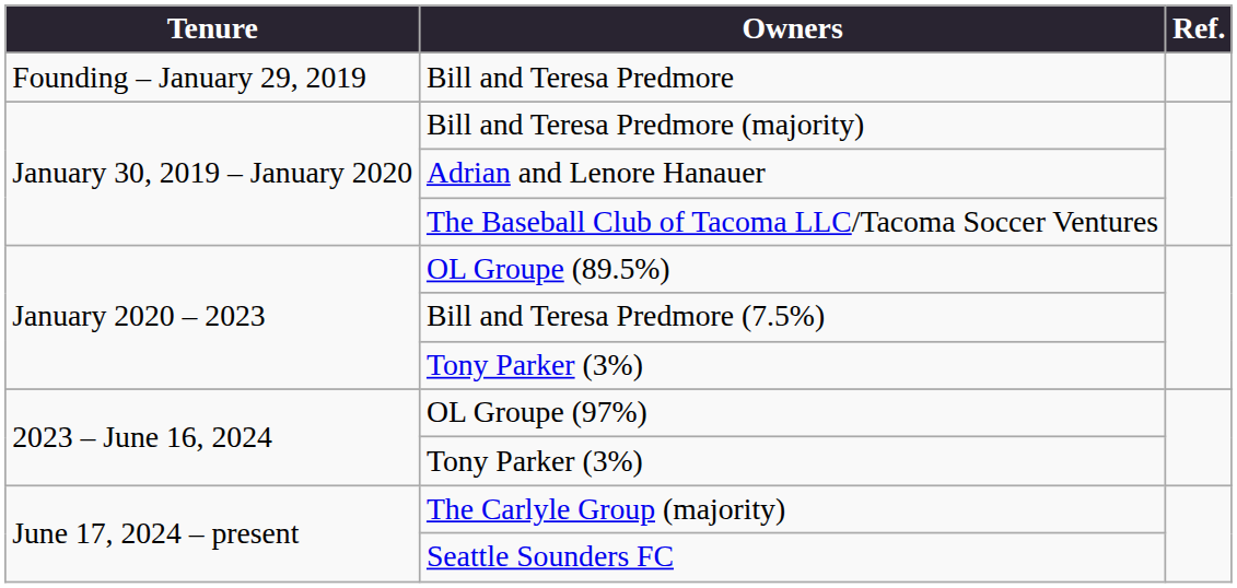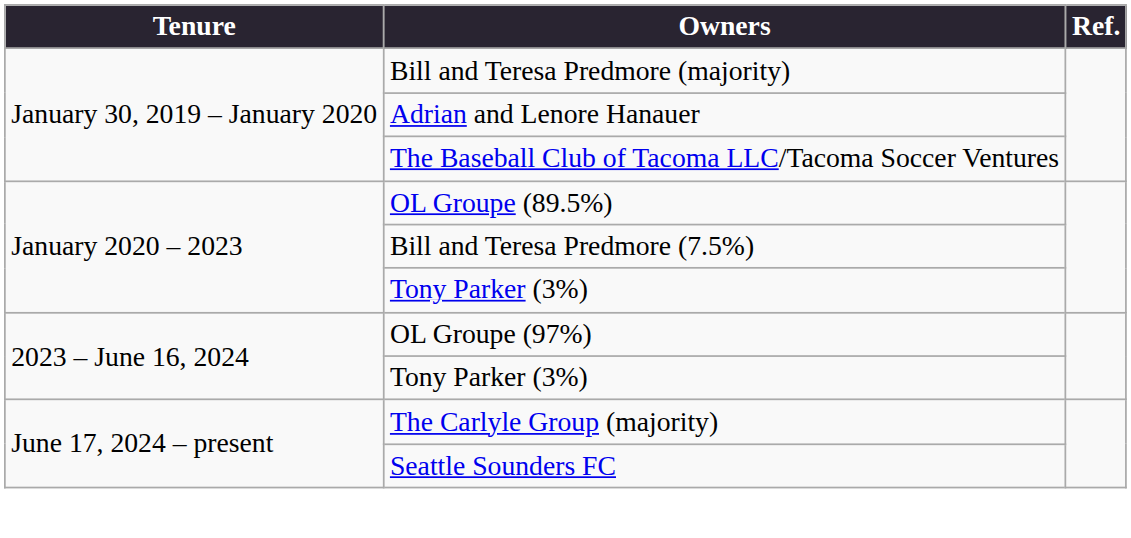 <table class="wikitable" style="text-align:left;">
 <tr>
 <th style="background:#292431; color:#FFFFFF; ">Tenure</th>
 <th style="background:#292431; color:#FFFFFF; ">Owners</th>
 <th style="background:#292431; color:#FFFFFF; ">Ref.</th>
-</tr>
-<tr>
-<td>Founding – January 29, 2019</td>
-<td>Bill and Teresa Predmore</td>
-<td></td>
 </tr>
 <tr>
 <td rowspan="3">January 30, 2019 – January 2020</td>
 <td>Bill and Teresa Predmore (majority)</td>
 <td rowspan="3"></td>
 </tr>
 <tr>
 <td><a href='#'>Adrian</a> and Lenore Hanauer</td>
 </tr>
 <tr>
 <td><a href='#'>The Baseball Club of Tacoma LLC</a>/Tacoma Soccer Ventures</td>
 </tr>
 <tr>
 <td rowspan="3">January 2020 – 2023</td>
 <td><a href='#'>OL Groupe</a> (89.5%)</td>
 <td rowspan="3"></td>
 </tr>
 <tr>
 <td>Bill and Teresa Predmore (7.5%)</td>
 </tr>
 <tr>
 <td><a href='#'>Tony Parker</a> (3%)</td>
 </tr>
 <tr>
 <td rowspan="2">2023 – June 16, 2024</td>
 <td>OL Groupe (97%)</td>
 <td rowspan="2"></td>
 </tr>
 <tr>
 <td>Tony Parker (3%)</td>
 </tr>
 <tr>
 <td rowspan="2">June 17, 2024 – present</td>
 <td><a href='#'>The Carlyle Group</a> (majority)</td>
 <td rowspan="2"></td>
 </tr>
 <tr>
 <td><a href='#'>Seattle Sounders FC</a></td>
 </tr>
 </table>
